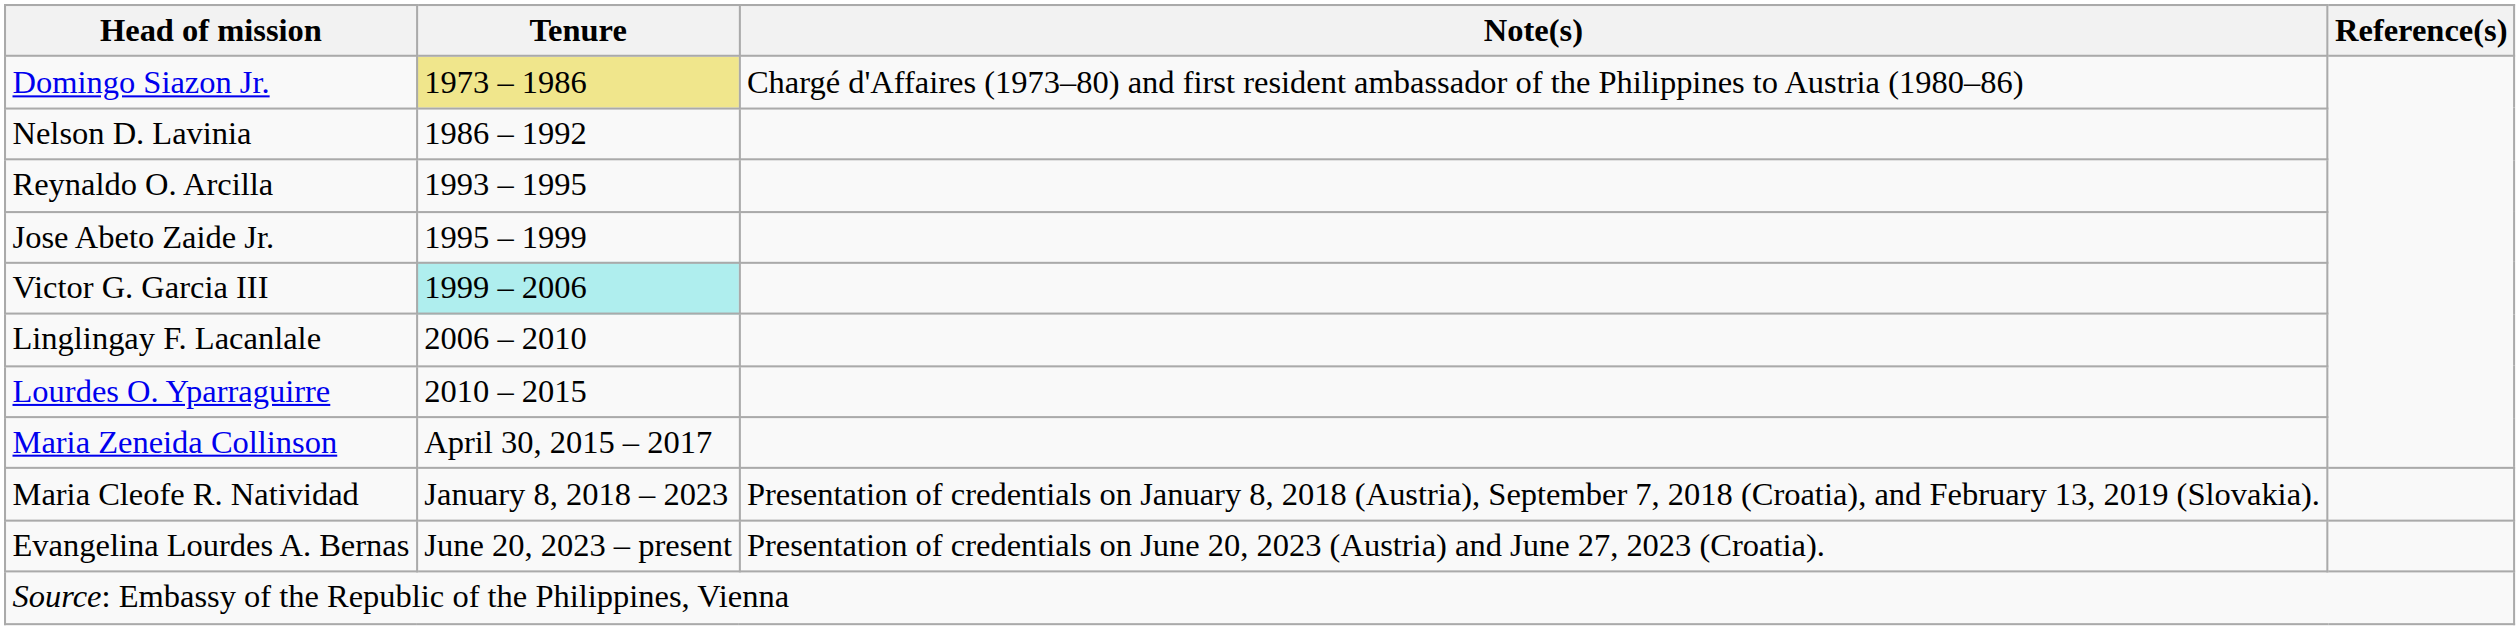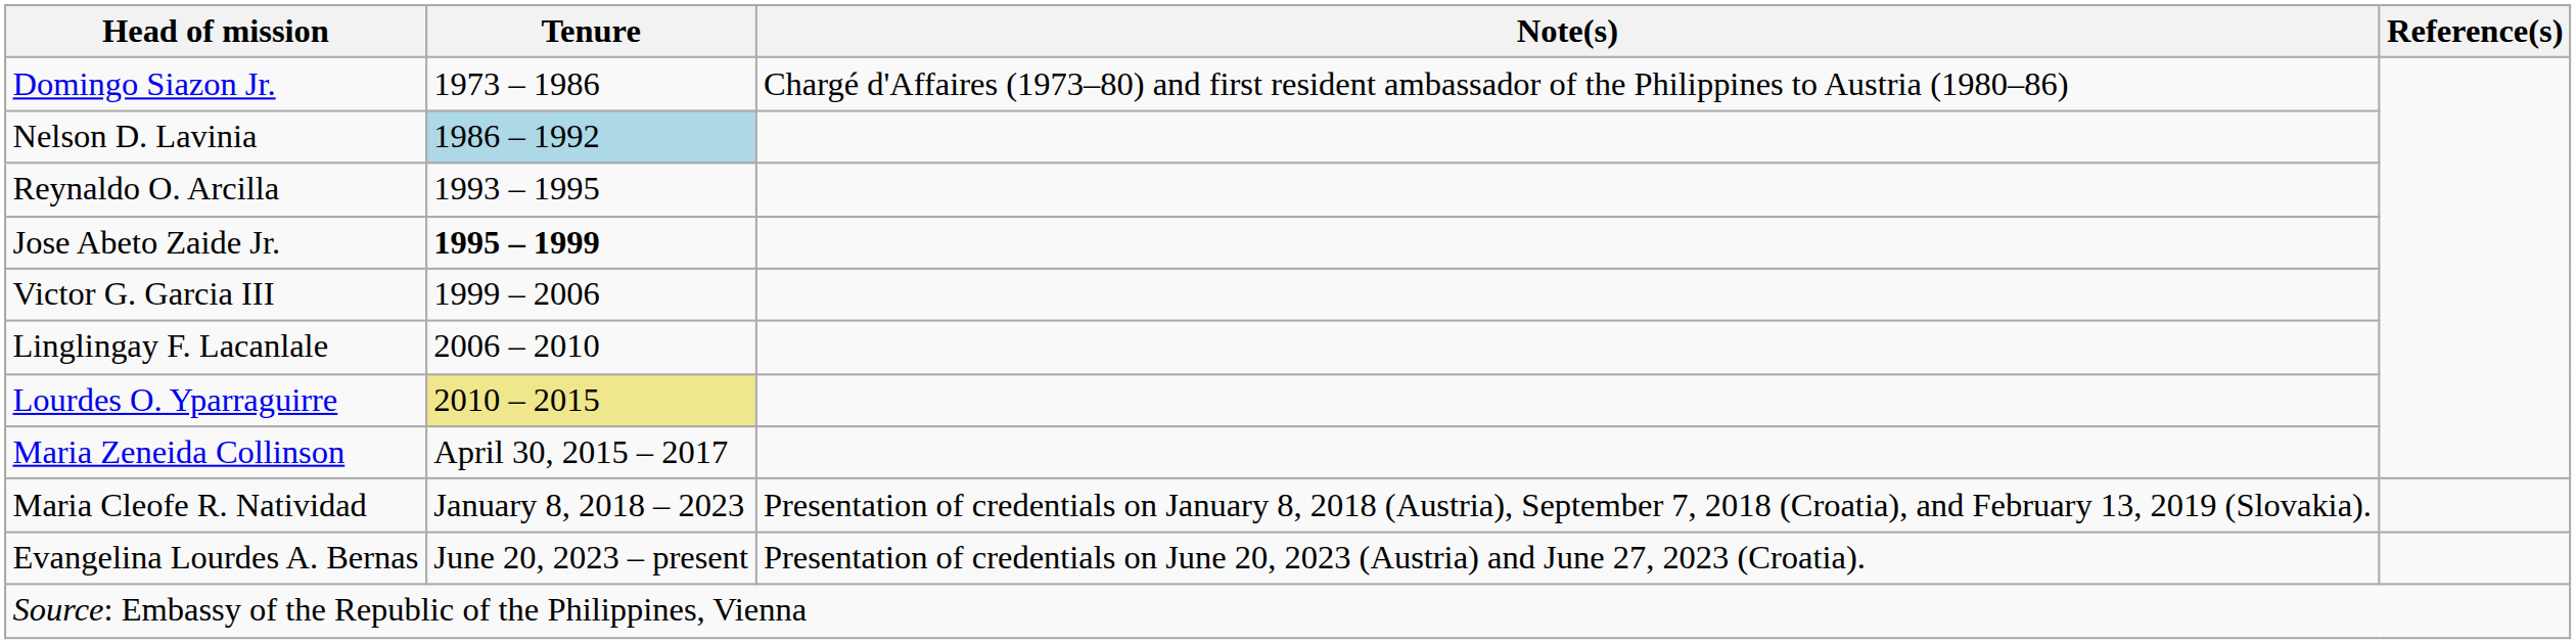 <table class=wikitable>
 <tr>
 <th>Head of mission</th>
 <th>Tenure</th>
 <th>Note(s)</th>
 <th>Reference(s)</th>
 </tr>
 <tr>
 <td><a href='#'>Domingo Siazon Jr.</a></td>
-<td style="background: khaki;">1973 – 1986</td>
+<td>1973 – 1986</td>
 <td>Chargé d'Affaires (1973–80) and first resident ambassador of the Philippines to Austria (1980–86)</td>
 </tr>
 <tr>
 <td>Nelson D. Lavinia</td>
-<td>1986 – 1992</td>
+<td style="background: lightblue;">1986 – 1992</td>
 <td></td>
 </tr>
 <tr>
 <td>Reynaldo O. Arcilla</td>
 <td>1993 – 1995</td>
 <td></td>
 </tr>
 <tr>
 <td>Jose Abeto Zaide Jr.</td>
-<td>1995 – 1999</td>
+<td><strong>1995 – 1999</strong></td>
 <td></td>
 </tr>
 <tr>
 <td>Victor G. Garcia III</td>
-<td style="background: paleturquoise;">1999 – 2006</td>
+<td>1999 – 2006</td>
 <td></td>
 </tr>
 <tr>
 <td>Linglingay F. Lacanlale</td>
 <td>2006 – 2010</td>
 <td></td>
 </tr>
 <tr>
 <td><a href='#'>Lourdes O. Yparraguirre</a></td>
-<td>2010 – 2015</td>
+<td style="background: khaki;">2010 – 2015</td>
 <td></td>
 </tr>
 <tr>
 <td><a href='#'>Maria Zeneida Collinson</a></td>
 <td>April 30, 2015 – 2017</td>
 <td></td>
 </tr>
 <tr>
 <td>Maria Cleofe R. Natividad</td>
 <td>January 8, 2018 – 2023</td>
 <td>Presentation of credentials on January 8, 2018 (Austria), September 7, 2018 (Croatia), and February 13, 2019 (Slovakia).</td>
 <td></td>
 </tr>
 <tr>
 <td>Evangelina Lourdes A. Bernas</td>
 <td>June 20, 2023 – present</td>
 <td>Presentation of credentials on June 20, 2023 (Austria) and June 27, 2023 (Croatia).</td>
 <td></td>
 </tr>
 <tr>
 <td colspan=5><em>Source</em>: Embassy of the Republic of the Philippines, Vienna</td>
 </tr>
 </table>
